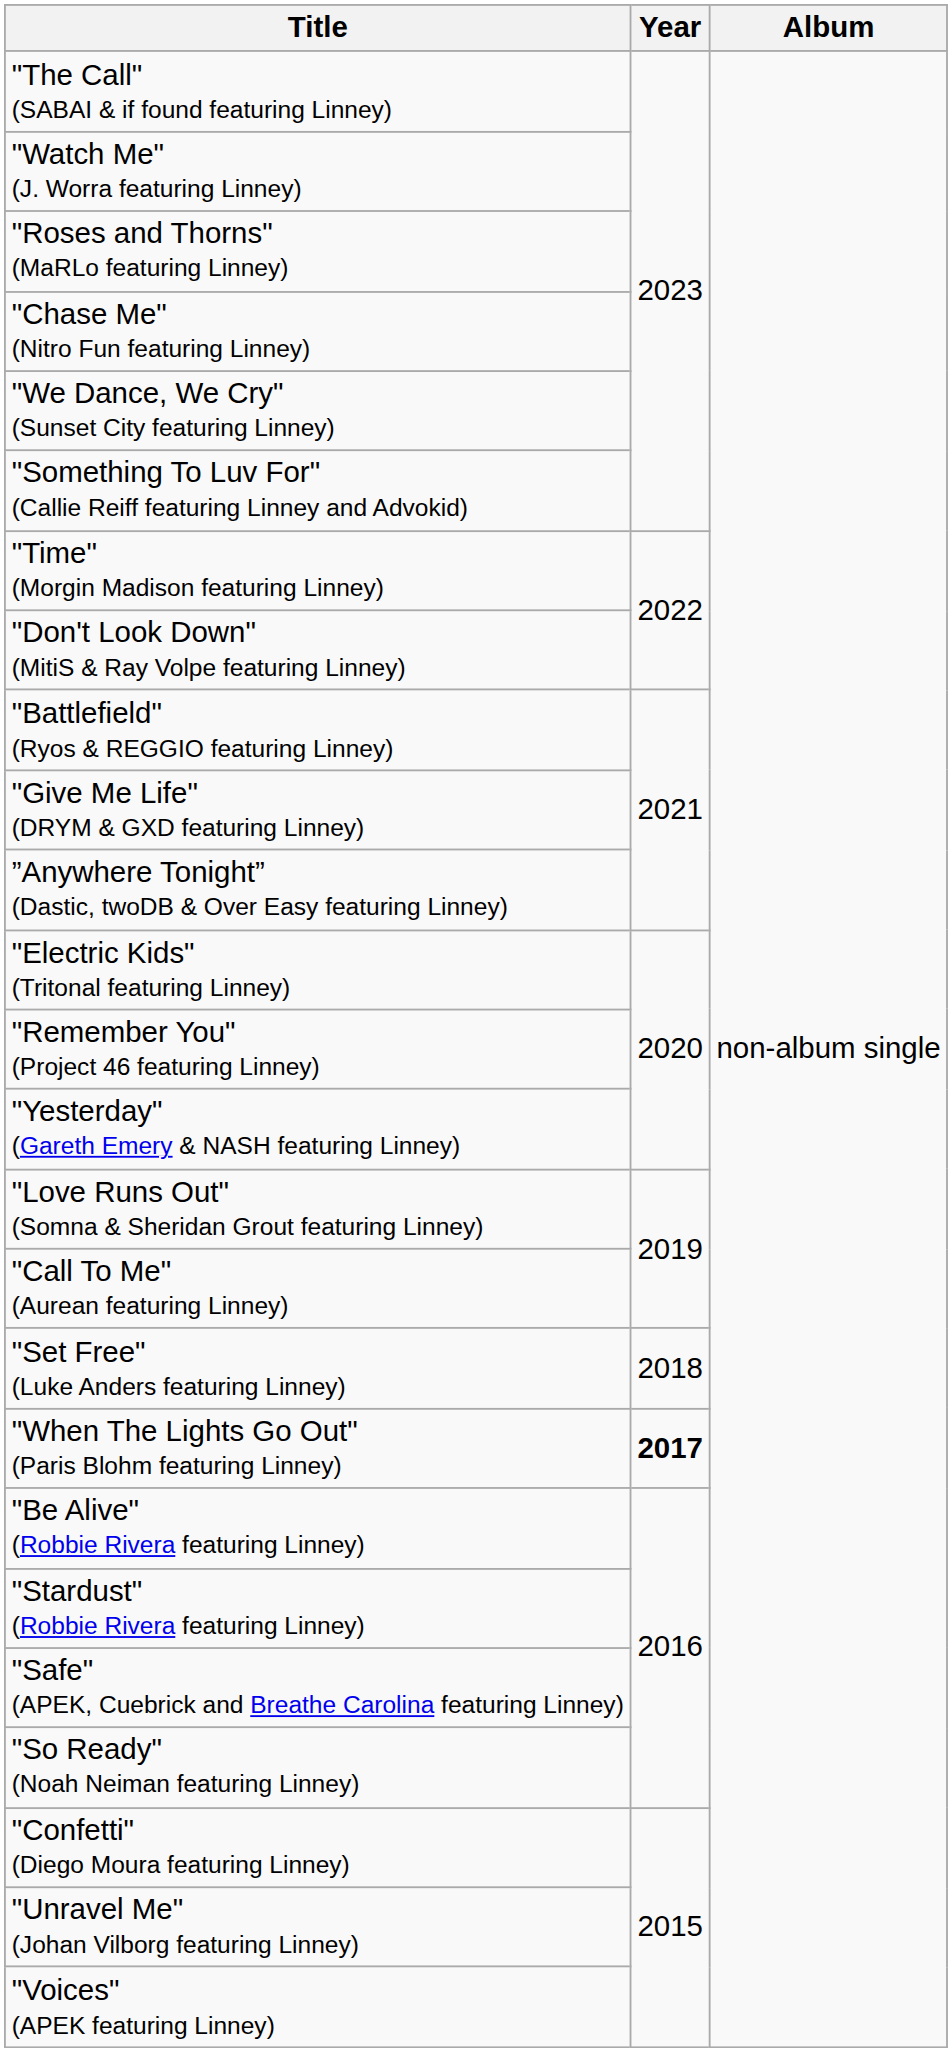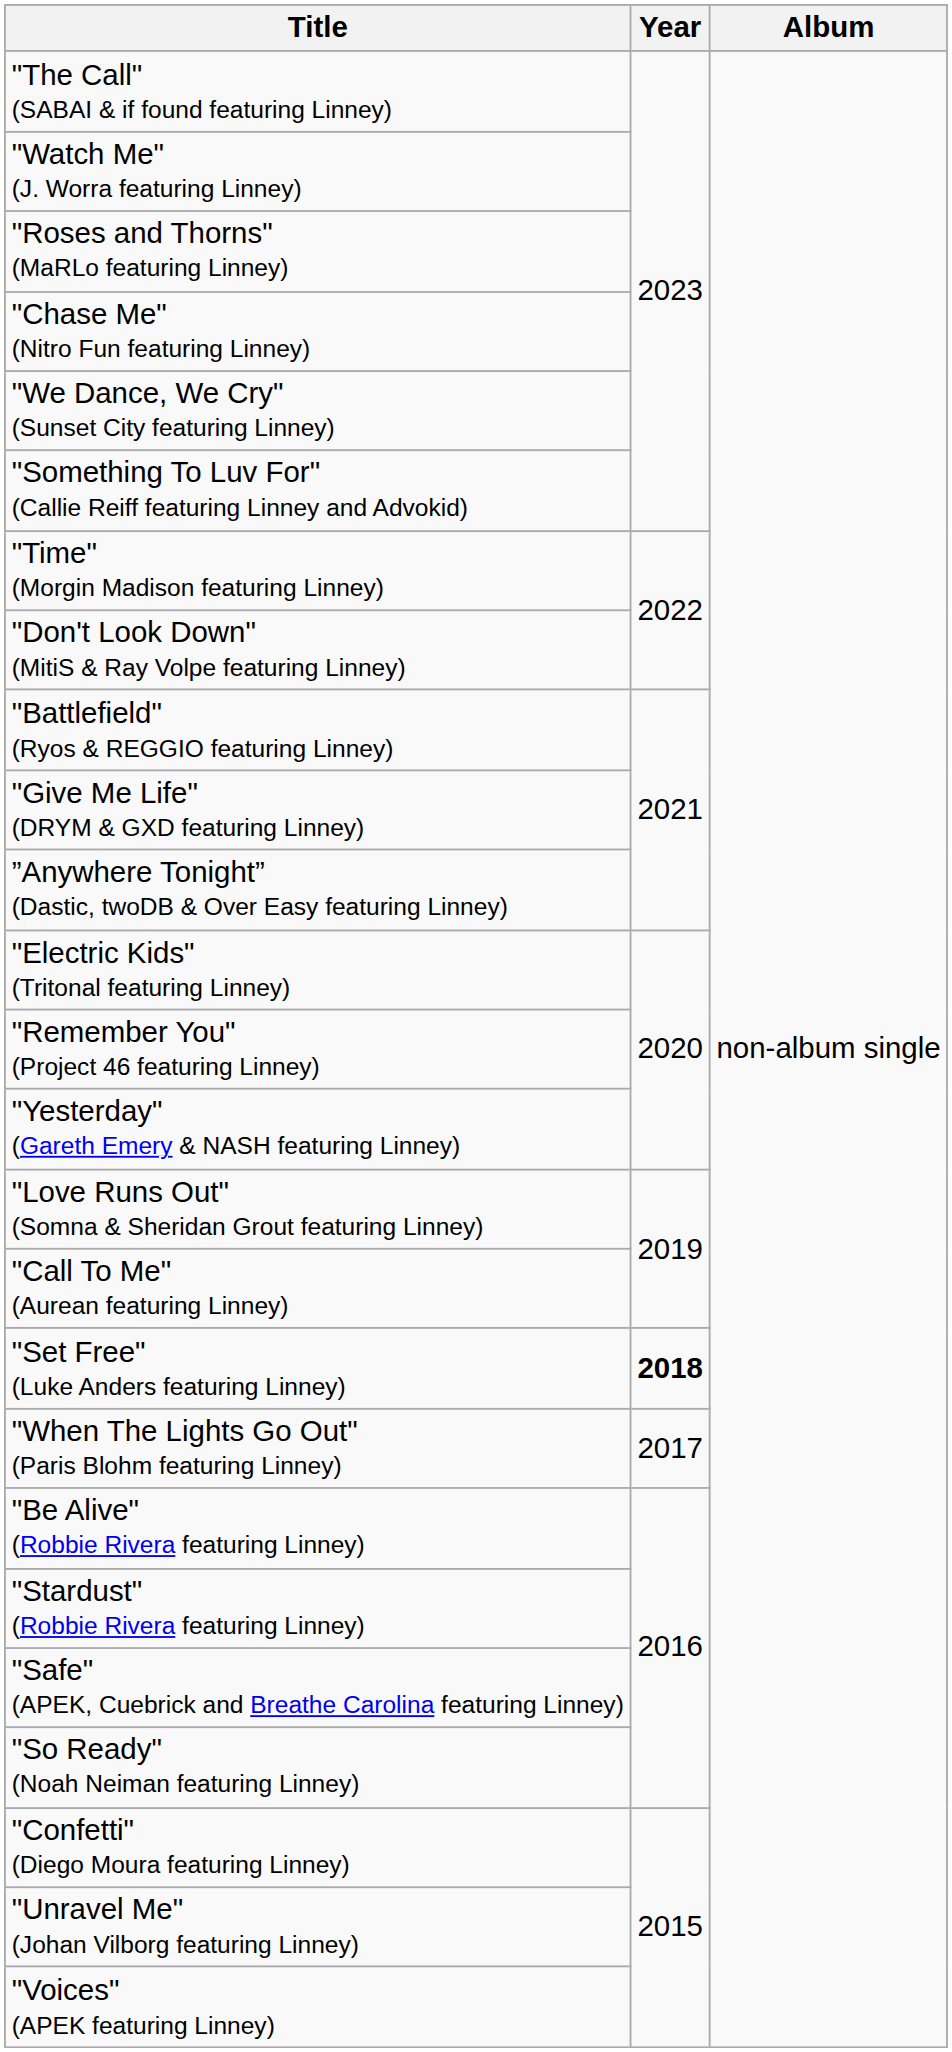 <table class="wikitable">
 <tr>
 <th>Title</th>
 <th>Year</th>
 <th>Album</th>
 </tr>
 <tr>
 <td>"The Call"<br><small>(SABAI & if found featuring Linney)</small></td>
 <td rowspan="6">2023</td>
 <td rowspan="25">non-album single</td>
 </tr>
 <tr>
 <td>"Watch Me"<br><small>(J. Worra featuring Linney)</small></td>
 </tr>
 <tr>
 <td>"Roses and Thorns"<br><small>(MaRLo featuring Linney)</small></td>
 </tr>
 <tr>
 <td>"Chase Me"<br><small>(Nitro Fun featuring Linney)</small></td>
 </tr>
 <tr>
 <td>"We Dance, We Cry"<br><small>(Sunset City featuring Linney)</small></td>
 </tr>
 <tr>
 <td>"Something To Luv For"<br><small>(Callie Reiff featuring Linney and Advokid)</small></td>
 </tr>
 <tr>
 <td>"Time"<br><small>(Morgin Madison featuring Linney)</small></td>
 <td rowspan="2">2022</td>
 </tr>
 <tr>
 <td>"Don't Look Down"<br><small>(MitiS & Ray Volpe featuring Linney)</small></td>
 </tr>
 <tr>
 <td>"Battlefield"<br><small>(Ryos & REGGIO featuring Linney)</small></td>
 <td rowspan="3">2021</td>
 </tr>
 <tr>
 <td>"Give Me Life"<br><small>(DRYM & GXD featuring Linney)</small></td>
 </tr>
 <tr>
 <td>”Anywhere Tonight”<br><small>(Dastic, twoDB & Over Easy featuring Linney) </small></td>
 </tr>
 <tr>
 <td>"Electric Kids"<br><small>(Tritonal featuring Linney)</small></td>
 <td rowspan="3">2020</td>
 </tr>
 <tr>
 <td>"Remember You"<br><small>(Project 46 featuring Linney)</small></td>
 </tr>
 <tr>
 <td>"Yesterday"<br><small>(<a href='#'>Gareth Emery</a> & NASH featuring Linney)</small></td>
 </tr>
 <tr>
 <td>"Love Runs Out"<br><small>(Somna & Sheridan Grout featuring Linney)</small></td>
 <td rowspan="2">2019</td>
 </tr>
 <tr>
 <td>"Call To Me"<br><small>(Aurean featuring Linney)</small></td>
 </tr>
 <tr>
 <td>"Set Free"<br><small>(Luke Anders featuring Linney)</small></td>
-<td>2018</td>
+<td><strong>2018</strong></td>
 </tr>
 <tr>
 <td>"When The Lights Go Out"<br><small>(Paris Blohm featuring Linney)</small></td>
-<td><strong>2017</strong></td>
+<td>2017</td>
 </tr>
 <tr>
 <td>"Be Alive"<br><small>(<a href='#'>Robbie Rivera</a> featuring Linney)</small></td>
 <td rowspan="4">2016</td>
 </tr>
 <tr>
 <td>"Stardust"<br><small>(<a href='#'>Robbie Rivera</a> featuring Linney)</small></td>
 </tr>
 <tr>
 <td>"Safe"<br><small>(APEK, Cuebrick and <a href='#'>Breathe Carolina</a> featuring Linney)</small></td>
 </tr>
 <tr>
 <td>"So Ready"<br><small>(Noah Neiman featuring Linney)</small></td>
 </tr>
 <tr>
 <td>"Confetti"<br><small>(Diego Moura featuring Linney)</small></td>
 <td rowspan="3">2015</td>
 </tr>
 <tr>
 <td>"Unravel Me"<br><small>(Johan Vilborg featuring Linney)</small></td>
 </tr>
 <tr>
 <td>"Voices"<br><small>(APEK featuring Linney)</small></td>
 </tr>
 </table>
